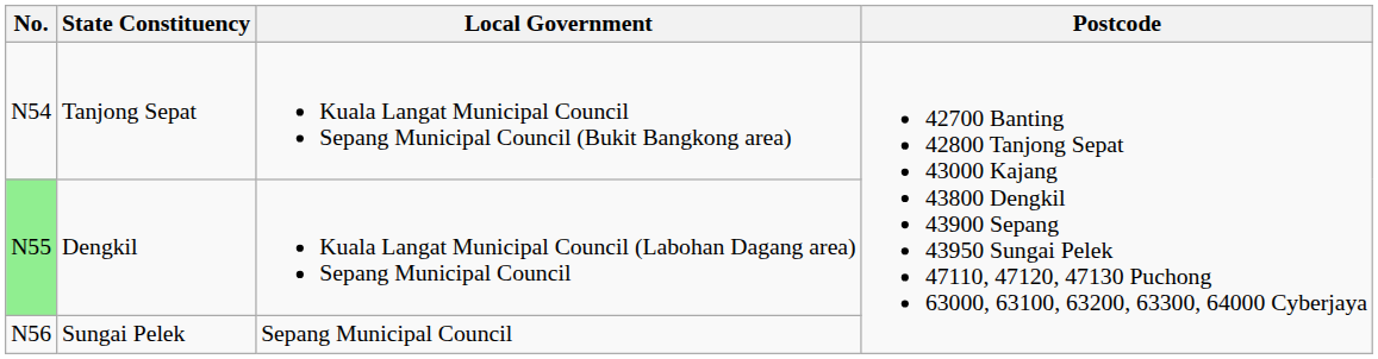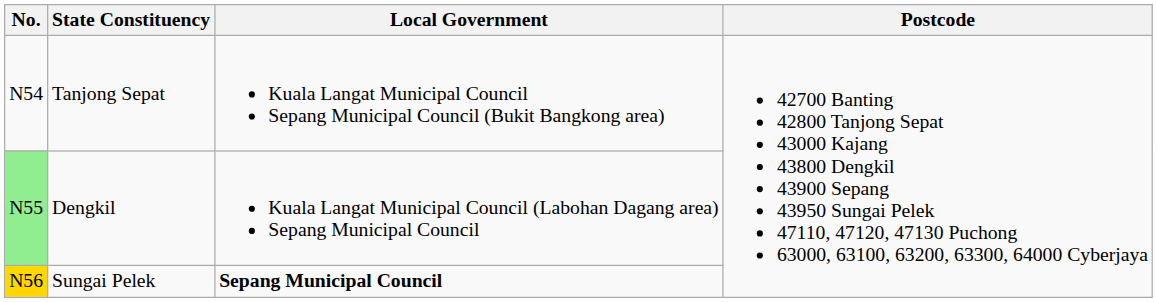 <table class="wikitable">
 <tr>
 <th>No.</th>
 <th>State Constituency</th>
 <th>Local Government</th>
 <th>Postcode</th>
 </tr>
 <tr>
 <td>N54</td>
 <td>Tanjong Sepat</td>
 <td><br><ul><li>Kuala Langat Municipal Council</li><li>Sepang Municipal Council (Bukit Bangkong area)</li></ul></td>
 <td rowspan="3"><br><ul><li>42700 Banting</li><li>42800 Tanjong Sepat</li><li>43000 Kajang</li><li>43800 Dengkil</li><li>43900 Sepang</li><li>43950 Sungai Pelek</li><li>47110, 47120, 47130 Puchong</li><li>63000, 63100, 63200, 63300, 64000 Cyberjaya</li></ul></td>
 </tr>
 <tr>
 <td style="background: lightgreen;">N55</td>
 <td>Dengkil</td>
 <td><br><ul><li>Kuala Langat Municipal Council (Labohan Dagang area)</li><li>Sepang Municipal Council</li></ul></td>
 </tr>
 <tr>
-<td>N56</td>
+<td style="background: gold;">N56</td>
 <td>Sungai Pelek</td>
-<td>Sepang Municipal Council</td>
+<td><strong>Sepang Municipal Council</strong></td>
 </tr>
 </table>
